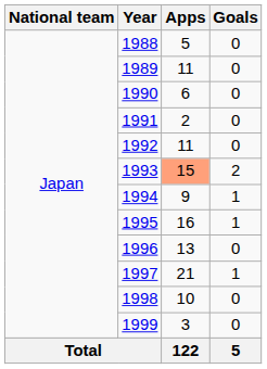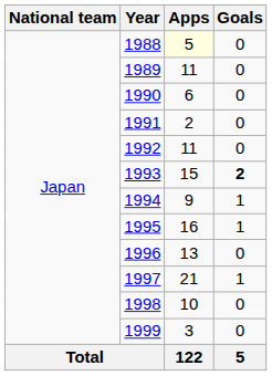 <table class="wikitable" style="text-align:center">
 <tr>
 <th>National team</th>
 <th>Year</th>
 <th>Apps</th>
 <th>Goals</th>
 </tr>
 <tr>
 <td rowspan="12"><a href='#'>Japan</a></td>
 <td><a href='#'>1988</a></td>
-<td>5</td>
+<td style="background: lightyellow;">5</td>
 <td>0</td>
 </tr>
 <tr>
 <td><a href='#'>1989</a></td>
 <td>11</td>
 <td>0</td>
 </tr>
 <tr>
 <td><a href='#'>1990</a></td>
 <td>6</td>
 <td>0</td>
 </tr>
 <tr>
 <td><a href='#'>1991</a></td>
 <td>2</td>
 <td>0</td>
 </tr>
 <tr>
 <td><a href='#'>1992</a></td>
 <td>11</td>
 <td>0</td>
 </tr>
 <tr>
 <td><a href='#'>1993</a></td>
-<td style="background: lightsalmon;">15</td>
-<td>2</td>
+<td>15</td>
+<td><strong>2</strong></td>
 </tr>
 <tr>
 <td><a href='#'>1994</a></td>
 <td>9</td>
 <td>1</td>
 </tr>
 <tr>
 <td><a href='#'>1995</a></td>
 <td>16</td>
 <td>1</td>
 </tr>
 <tr>
 <td><a href='#'>1996</a></td>
 <td>13</td>
 <td>0</td>
 </tr>
 <tr>
 <td><a href='#'>1997</a></td>
 <td>21</td>
 <td>1</td>
 </tr>
 <tr>
 <td><a href='#'>1998</a></td>
 <td>10</td>
 <td>0</td>
 </tr>
 <tr>
 <td><a href='#'>1999</a></td>
 <td>3</td>
 <td>0</td>
 </tr>
 <tr>
 <th colspan="2">Total</th>
 <th>122</th>
 <th>5</th>
 </tr>
 </table>
